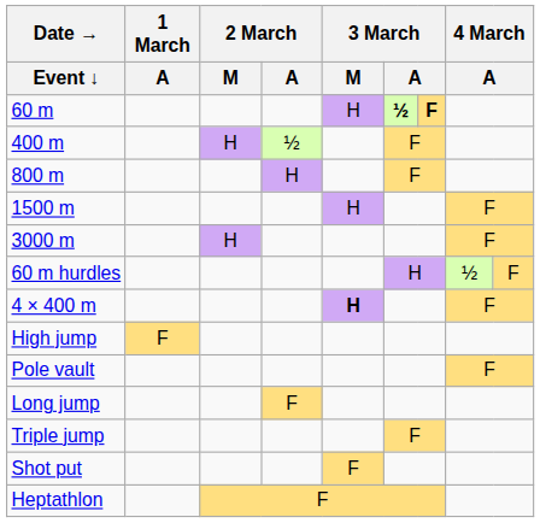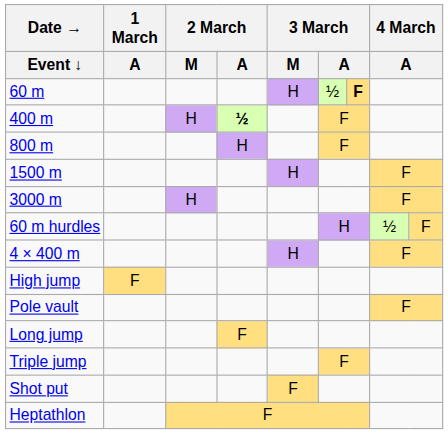 <table class="wikitable" style="margin:0.5em auto; font-size:90%; line-height:1.25em;">
 <tr align="center">
 <th>Date →</th>
 <th width="50px">1 March</th>
 <th width="40px" colspan=2>2 March</th>
 <th width="40px" colspan=3>3 March</th>
 <th width="60px" colspan=2>4 March</th>
 </tr>
 <tr>
 <th>Event ↓</th>
 <th width="50px">A</th>
 <th width="40px">M</th>
 <th width="40px" colspan=1>A</th>
 <th width="40px">M</th>
 <th width="40px" colspan=2>A</th>
 <th width="60px" colspan="2">A</th>
 </tr>
 <tr align="center">
 <td align="left"><a href='#'>60 m</a></td>
 <td></td>
 <td></td>
 <td></td>
 <td bgcolor="#D0A9F5" colspan=1>H</td>
-<td bgcolor="#D9FFB2" colspan=1><strong>½</strong></td>
+<td bgcolor="#D9FFB2" colspan=1>½</td>
 <td bgcolor="#FFDF80" colspan=1><strong>F</strong></td>
 <td colspan=2></td>
 </tr>
 <tr align="center">
 <td align="left"><a href='#'>400 m</a></td>
 <td></td>
 <td bgcolor="#D0A9F5">H</td>
-<td bgcolor="#D9FFB2">½</td>
+<td bgcolor="#D9FFB2"><strong>½</strong></td>
 <td></td>
 <td bgcolor="#FFDF80" colspan=2>F</td>
 <td colspan="2"></td>
 </tr>
 <tr align="center">
 <td align="left"><a href='#'>800 m</a></td>
 <td></td>
 <td></td>
 <td bgcolor="#D0A9F5">H</td>
 <td></td>
 <td bgcolor="#FFDF80" colspan=2>F</td>
 <td colspan="2"></td>
 </tr>
 <tr align="center">
 <td align="left"><a href='#'>1500 m</a></td>
 <td></td>
 <td></td>
 <td></td>
 <td bgcolor="#D0A9F5">H</td>
 <td colspan=2></td>
 <td bgcolor="#FFDF80" colspan="2">F</td>
 </tr>
 <tr align="center">
 <td align="left"><a href='#'>3000 m</a></td>
 <td></td>
 <td bgcolor="#D0A9F5">H</td>
 <td></td>
 <td></td>
 <td colspan=2></td>
 <td bgcolor="#FFDF80" colspan="2">F</td>
 </tr>
 <tr align="center">
 <td align="left"><a href='#'>60 m hurdles</a></td>
 <td></td>
 <td></td>
 <td></td>
 <td colspan=1></td>
 <td bgcolor="#D0A9F5" colspan=2>H</td>
 <td bgcolor="#D9FFB2">½</td>
 <td bgcolor="#FFDF80">F</td>
 </tr>
 <tr align="center">
 <td align="left"><a href='#'>4 × 400 m</a></td>
 <td></td>
 <td></td>
 <td></td>
-<td bgcolor="#D0A9F5"><strong>H</strong></td>
+<td bgcolor="#D0A9F5">H</td>
 <td colspan=2></td>
 <td bgcolor="#FFDF80" colspan="2">F</td>
 </tr>
 <tr align="center">
 <td align="left"><a href='#'>High jump</a></td>
 <td bgcolor="#FFDF80">F</td>
 <td></td>
 <td></td>
 <td></td>
 <td colspan=2></td>
 <td colspan="2"></td>
 </tr>
 <tr align="center">
 <td align="left"><a href='#'>Pole vault</a></td>
 <td></td>
 <td></td>
 <td></td>
 <td></td>
 <td colspan=2></td>
 <td bgcolor="#FFDF80" colspan="2">F</td>
 </tr>
 <tr align="center">
 <td align="left"><a href='#'>Long jump</a></td>
 <td></td>
 <td></td>
 <td bgcolor="#FFDF80" colspan="1">F</td>
 <td></td>
 <td colspan="2"></td>
 <td colspan="2"></td>
 </tr>
 <tr align="center">
 <td align="left"><a href='#'>Triple jump</a></td>
 <td></td>
 <td></td>
 <td></td>
 <td></td>
 <td bgcolor="#FFDF80" colspan=2>F</td>
 <td colspan="2"></td>
 </tr>
 <tr align="center">
 <td align="left"><a href='#'>Shot put</a></td>
 <td></td>
 <td></td>
 <td></td>
 <td bgcolor="#FFDF80" colspan=1>F</td>
 <td colspan=2></td>
 <td colspan=2></td>
 </tr>
 <tr align="center">
 <td align="left"><a href='#'>Heptathlon</a></td>
 <td></td>
 <td bgcolor="#FFDF80" colspan=5>F</td>
 <td colspan="2"></td>
 </tr>
 </table>
